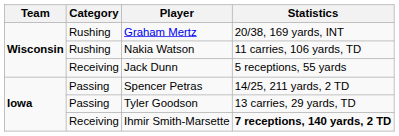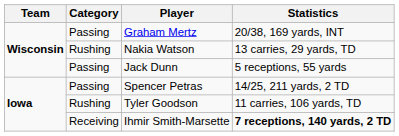 <table class="wikitable" style="float: left;">
 <tr>
 <th>Team</th>
 <th>Category</th>
 <th>Player</th>
 <th>Statistics</th>
 </tr>
 <tr>
 <td rowspan=3><strong>Wisconsin</strong></td>
-<td>Rushing</td>
+<td>Passing</td>
 <td><a href='#'>Graham Mertz</a></td>
 <td>20/38, 169 yards, INT</td>
 </tr>
 <tr>
 <td>Rushing</td>
 <td>Nakia Watson</td>
-<td>11 carries, 106 yards, TD</td>
+<td>13 carries, 29 yards, TD</td>
 </tr>
 <tr>
-<td>Receiving</td>
+<td>Passing</td>
 <td>Jack Dunn</td>
 <td>5 receptions, 55 yards</td>
 </tr>
 <tr>
 <td rowspan=3><strong>Iowa</strong></td>
 <td>Passing</td>
 <td>Spencer Petras</td>
 <td>14/25, 211 yards, 2 TD</td>
 </tr>
 <tr>
-<td>Passing</td>
+<td>Rushing</td>
 <td>Tyler Goodson</td>
-<td>13 carries, 29 yards, TD</td>
+<td>11 carries, 106 yards, TD</td>
 </tr>
 <tr>
 <td>Receiving</td>
 <td>Ihmir Smith-Marsette</td>
 <td><strong>7 receptions, 140 yards, 2 TD</strong></td>
 </tr>
 </table>
